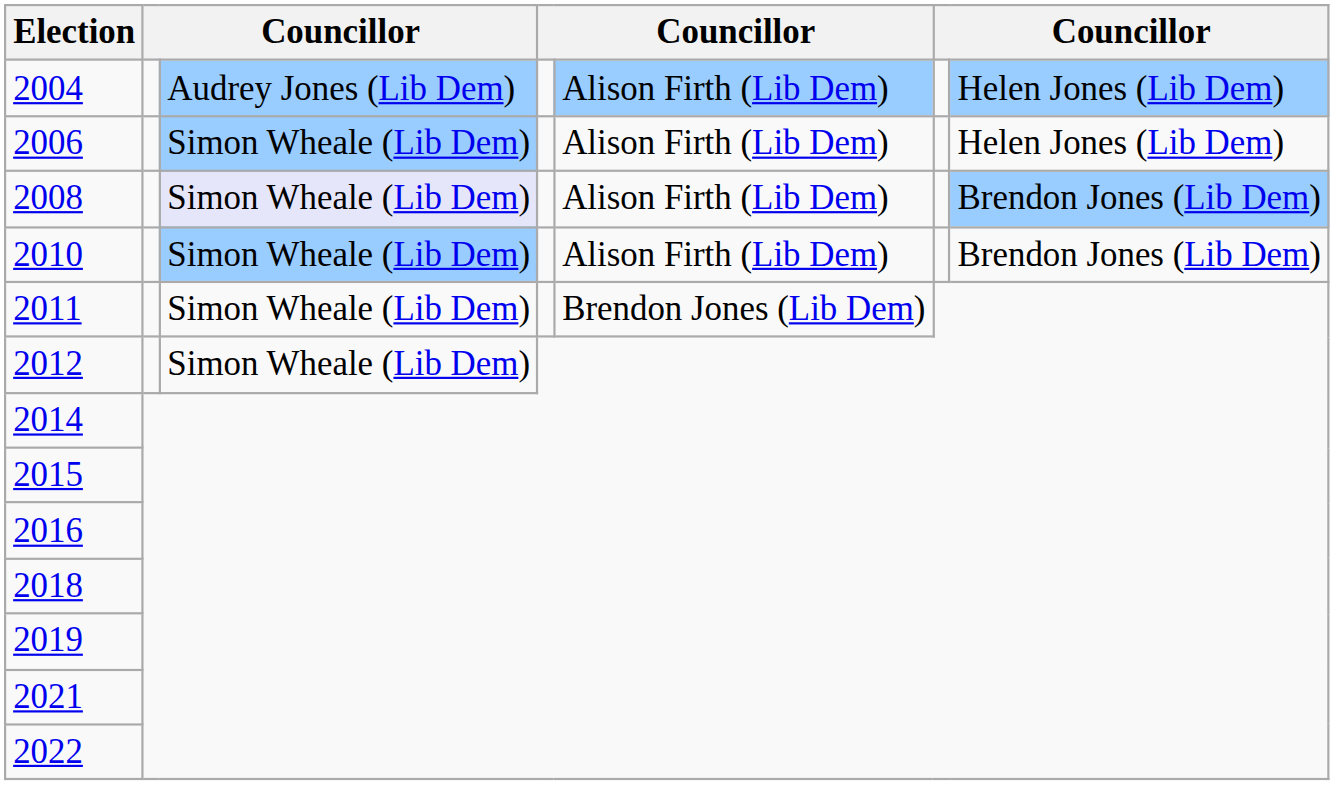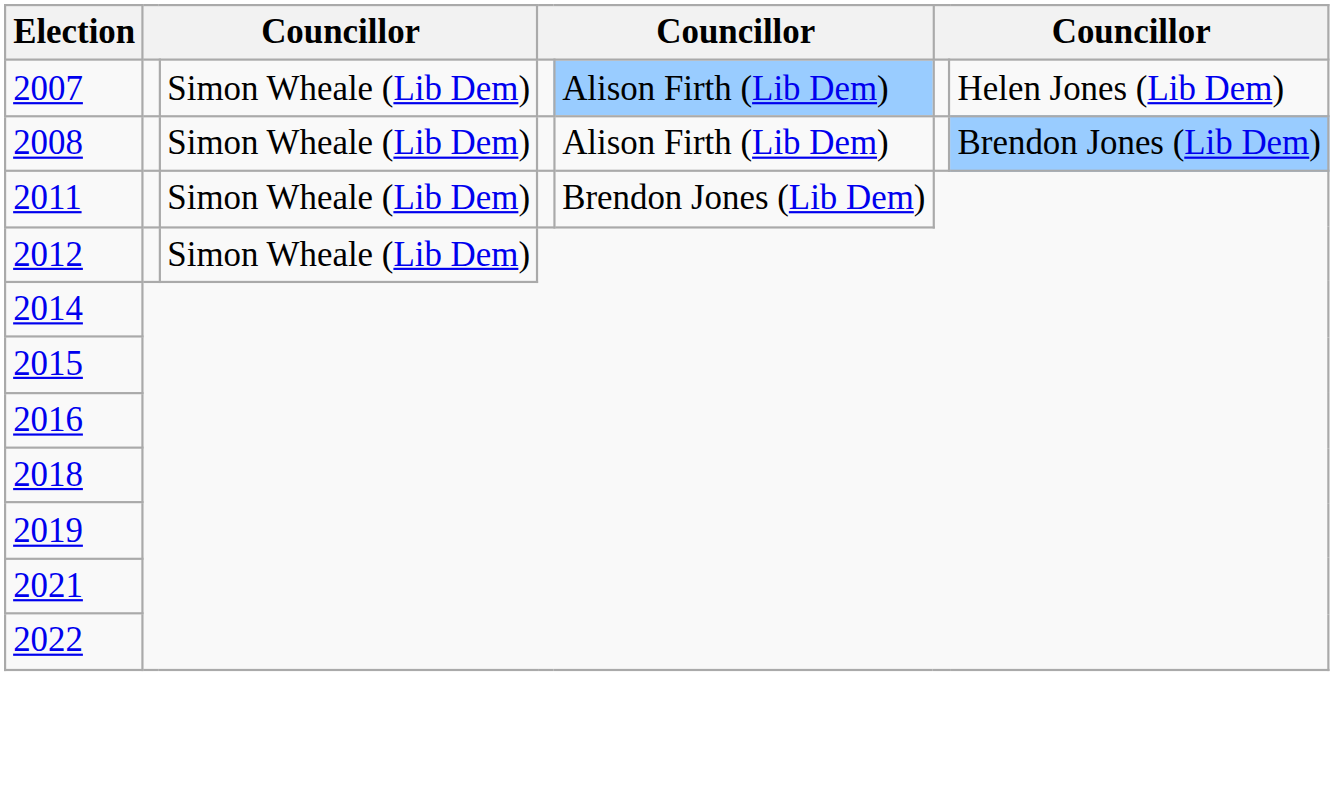 <table class="wikitable">
 <tr>
 <th>Election</th>
 <th colspan="2">Councillor</th>
 <th colspan="2">Councillor</th>
 <th colspan="2">Councillor</th>
 </tr>
 <tr>
-<td><a href='#'>2004</a></td>
+<td><a href='#'>2007</a></td>
 <td style="background-color: "></td>
-<td bgcolor="#99CCFF">Audrey Jones (<a href='#'>Lib Dem</a>)</td>
+<td>Simon Wheale (<a href='#'>Lib Dem</a>)</td>
 <td style="background-color: "></td>
 <td bgcolor="#99CCFF">Alison Firth (<a href='#'>Lib Dem</a>)</td>
-<td style="background-color: "></td>
-<td bgcolor="#99CCFF">Helen Jones (<a href='#'>Lib Dem</a>)</td>
-</tr>
-<tr>
-<td><a href='#'>2006</a></td>
-<td style="background-color: "></td>
-<td bgcolor="#99CCFF">Simon Wheale (<a href='#'>Lib Dem</a>)</td>
-<td style="background-color: "></td>
-<td>Alison Firth (<a href='#'>Lib Dem</a>)</td>
 <td style="background-color: "></td>
 <td>Helen Jones (<a href='#'>Lib Dem</a>)</td>
 </tr>
 <tr>
 <td><a href='#'>2008</a></td>
 <td style="background-color: "></td>
-<td style="background: lavender;">Simon Wheale (<a href='#'>Lib Dem</a>)</td>
+<td>Simon Wheale (<a href='#'>Lib Dem</a>)</td>
 <td style="background-color: "></td>
 <td>Alison Firth (<a href='#'>Lib Dem</a>)</td>
 <td style="background-color: "></td>
 <td bgcolor="#99CCFF">Brendon Jones (<a href='#'>Lib Dem</a>)</td>
-</tr>
-<tr>
-<td><a href='#'>2010</a></td>
-<td style="background-color: "></td>
-<td bgcolor="#99CCFF">Simon Wheale (<a href='#'>Lib Dem</a>)</td>
-<td style="background-color: "></td>
-<td>Alison Firth (<a href='#'>Lib Dem</a>)</td>
-<td style="background-color: "></td>
-<td>Brendon Jones (<a href='#'>Lib Dem</a>)</td>
 </tr>
 <tr>
 <td><a href='#'>2011</a></td>
 <td style="background-color: "></td>
 <td>Simon Wheale (<a href='#'>Lib Dem</a>)<br></td>
 <td style="background-color: "></td>
 <td>Brendon Jones (<a href='#'>Lib Dem</a>)</td>
 </tr>
 <tr>
 <td><a href='#'>2012</a></td>
 <td style="background-color: "></td>
 <td>Simon Wheale (<a href='#'>Lib Dem</a>)<br> </td>
 </tr>
 <tr>
 <td><a href='#'>2014</a><br>  </td>
 </tr>
 <tr>
 <td><a href='#'>2015</a><br>  </td>
 </tr>
 <tr>
 <td><a href='#'>2016</a><br>  </td>
 </tr>
 <tr>
 <td><a href='#'>2018</a><br>  </td>
 </tr>
 <tr>
 <td><a href='#'>2019</a><br>  </td>
 </tr>
 <tr>
 <td><a href='#'>2021</a><br>  </td>
 </tr>
 <tr>
 <td><a href='#'>2022</a><br>  </td>
 </tr>
 </table>
